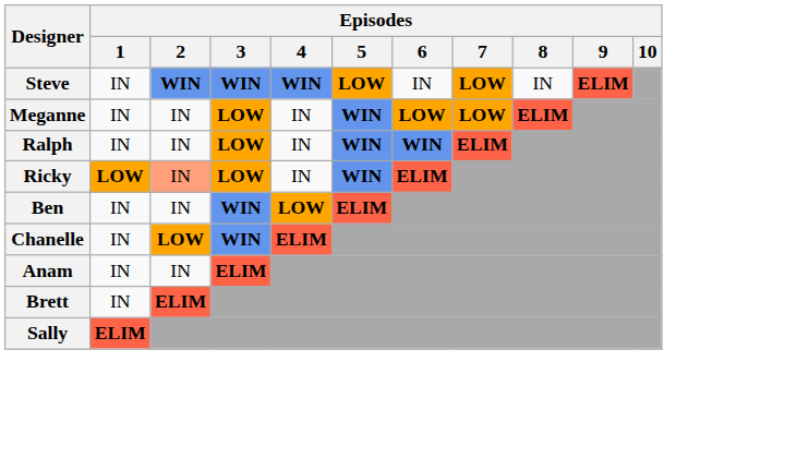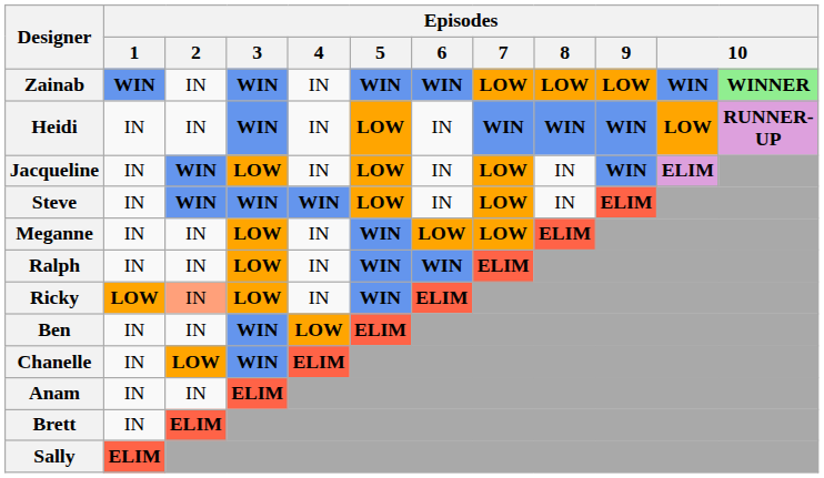 <table class="wikitable" style="text-align:center; font-size:92%">
 <tr>
 <th rowspan="2">Designer</th>
 <th colspan="11">Episodes</th>
 </tr>
 <tr>
 <th>1</th>
 <th>2</th>
 <th>3</th>
 <th>4</th>
 <th>5</th>
 <th>6</th>
 <th>7</th>
 <th>8</th>
 <th>9</th>
 <th colspan="2">10</th>
+</tr>
+<tr>
+<th>Zainab</th>
+<td bgcolor="cornflowerblue"><strong>WIN</strong></td>
+<td>IN</td>
+<td bgcolor="cornflowerblue"><strong>WIN</strong></td>
+<td>IN</td>
+<td bgcolor="cornflowerblue"><strong>WIN</strong></td>
+<td bgcolor="cornflowerblue"><strong>WIN</strong></td>
+<td bgcolor="orange"><strong>LOW</strong></td>
+<td bgcolor="orange"><strong>LOW</strong></td>
+<td bgcolor="orange"><strong>LOW</strong></td>
+<td bgcolor="cornflowerblue"><strong>WIN</strong></td>
+<td bgcolor="lightgreen"><strong>WINNER</strong></td>
+</tr>
+<tr>
+<th>Heidi</th>
+<td>IN</td>
+<td>IN</td>
+<td bgcolor="cornflowerblue"><strong>WIN</strong></td>
+<td>IN</td>
+<td bgcolor="orange"><strong>LOW</strong></td>
+<td>IN</td>
+<td bgcolor="cornflowerblue"><strong>WIN</strong></td>
+<td bgcolor="cornflowerblue"><strong>WIN</strong></td>
+<td bgcolor="cornflowerblue"><strong>WIN</strong></td>
+<td bgcolor="orange"><strong>LOW</strong></td>
+<td bgcolor="plum"><strong>RUNNER-UP</strong></td>
+</tr>
+<tr>
+<th>Jacqueline</th>
+<td>IN</td>
+<td bgcolor="cornflowerblue"><strong>WIN</strong></td>
+<td bgcolor="orange"><strong>LOW</strong></td>
+<td>IN</td>
+<td bgcolor="orange"><strong>LOW</strong></td>
+<td>IN</td>
+<td bgcolor="orange"><strong>LOW</strong></td>
+<td>IN</td>
+<td bgcolor="cornflowerblue"><strong>WIN</strong></td>
+<td bgcolor="plum"><strong>ELIM</strong></td>
+<td colspan=1 style="background:darkgray;"></td>
 </tr>
 <tr>
 <th>Steve</th>
 <td>IN</td>
 <td bgcolor="cornflowerblue"><strong>WIN</strong></td>
 <td bgcolor="cornflowerblue"><strong>WIN</strong></td>
 <td bgcolor="cornflowerblue"><strong>WIN</strong></td>
 <td bgcolor="orange"><strong>LOW</strong></td>
 <td>IN</td>
 <td bgcolor="orange"><strong>LOW</strong></td>
 <td>IN</td>
 <td bgcolor="tomato"><strong>ELIM</strong></td>
 <td colspan=2 style="background:darkgray;"></td>
 </tr>
 <tr>
 <th>Meganne</th>
 <td>IN</td>
 <td>IN</td>
 <td bgcolor="orange"><strong>LOW</strong></td>
 <td>IN</td>
 <td bgcolor="cornflowerblue"><strong>WIN</strong></td>
 <td bgcolor="orange"><strong>LOW</strong></td>
 <td bgcolor="orange"><strong>LOW</strong></td>
 <td bgcolor="tomato"><strong>ELIM</strong></td>
 <td colspan=3 style="background:darkgray;"></td>
 </tr>
 <tr>
 <th>Ralph</th>
 <td>IN</td>
 <td>IN</td>
 <td bgcolor="orange"><strong>LOW</strong></td>
 <td>IN</td>
 <td bgcolor="cornflowerblue"><strong>WIN</strong></td>
 <td bgcolor="cornflowerblue"><strong>WIN</strong></td>
 <td bgcolor="tomato"><strong>ELIM</strong></td>
 <td colspan=4 style="background:darkgray;"></td>
 </tr>
 <tr>
 <th>Ricky</th>
 <td bgcolor="orange"><strong>LOW</strong></td>
 <td style="background: lightsalmon;">IN</td>
 <td bgcolor="orange"><strong>LOW</strong></td>
 <td>IN</td>
 <td bgcolor="cornflowerblue"><strong>WIN</strong></td>
 <td bgcolor="tomato"><strong>ELIM</strong></td>
 <td colspan=5 style="background:darkgray;"></td>
 </tr>
 <tr>
 <th>Ben</th>
 <td>IN</td>
 <td>IN</td>
 <td bgcolor="cornflowerblue"><strong>WIN</strong></td>
 <td bgcolor="orange"><strong>LOW</strong></td>
 <td bgcolor="tomato"><strong>ELIM</strong></td>
 <td colspan=6 style="background:darkgray;"></td>
 </tr>
 <tr>
 <th>Chanelle</th>
 <td>IN</td>
 <td bgcolor="orange"><strong>LOW</strong></td>
 <td bgcolor="cornflowerblue"><strong>WIN</strong></td>
 <td bgcolor="tomato"><strong>ELIM</strong></td>
 <td colspan=7 style="background:darkgray;"></td>
 </tr>
 <tr>
 <th>Anam</th>
 <td>IN</td>
 <td>IN</td>
 <td bgcolor="tomato"><strong>ELIM</strong></td>
 <td colspan=8 style="background:darkgray;"></td>
 </tr>
 <tr>
 <th>Brett</th>
 <td>IN</td>
 <td bgcolor="tomato"><strong>ELIM</strong></td>
 <td colspan=9 style="background:darkgray;"></td>
 </tr>
 <tr>
 <th>Sally</th>
 <td bgcolor="tomato"><strong>ELIM</strong></td>
 <td colspan=10 style="background:darkgray;"></td>
 </tr>
 </table>
